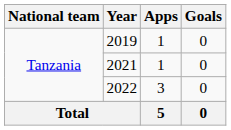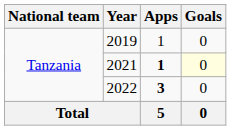 <table class="wikitable" style="text-align:center">
 <tr>
 <th>National team</th>
 <th>Year</th>
 <th>Apps</th>
 <th>Goals</th>
 </tr>
 <tr>
 <td rowspan="3"><a href='#'>Tanzania</a></td>
 <td>2019</td>
 <td>1</td>
 <td>0</td>
 </tr>
 <tr>
 <td>2021</td>
-<td>1</td>
-<td>0</td>
+<td><strong>1</strong></td>
+<td style="background: lightyellow;">0</td>
 </tr>
 <tr>
 <td>2022</td>
-<td>3</td>
+<td><strong>3</strong></td>
 <td>0</td>
 </tr>
 <tr>
 <th colspan=2>Total</th>
 <th>5</th>
 <th>0</th>
 </tr>
 </table>
